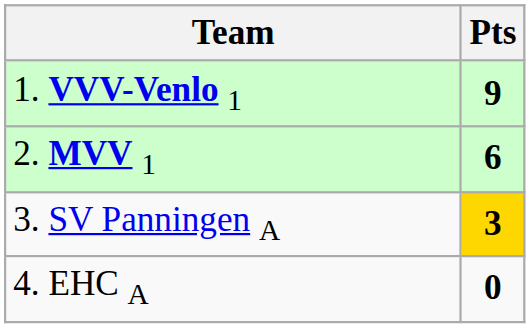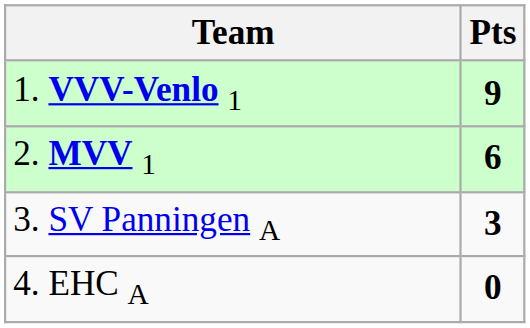 <table class="wikitable" style="text-align:center; float:left; margin-right:1em">
 <tr>
 <th style="width:200px">Team</th>
 <th width=20>Pts</th>
 </tr>
 <tr bgcolor=ccffcc>
 <td align=left>1. <strong><a href='#'>VVV-Venlo</a></strong> <sub>1</sub></td>
 <td><strong>9</strong></td>
 </tr>
 <tr bgcolor=ccffcc>
 <td align=left>2. <strong><a href='#'>MVV</a></strong> <sub>1</sub></td>
 <td><strong>6</strong></td>
 </tr>
 <tr>
 <td align=left>3. <a href='#'>SV Panningen</a> <sub>A</sub></td>
-<td style="background: gold;"><strong>3</strong></td>
+<td><strong>3</strong></td>
 </tr>
 <tr>
 <td align=left>4. EHC <sub>A</sub></td>
 <td><strong>0</strong></td>
 </tr>
 </table>
